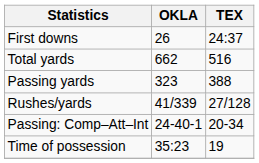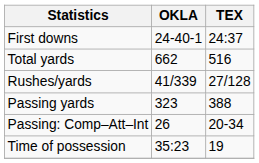 <table class="wikitable" style="float: left;">
 <tr>
 <th>Statistics</th>
 <th>OKLA</th>
 <th>TEX</th>
 </tr>
 <tr>
 <td>First downs</td>
-<td>26</td>
+<td>24-40-1</td>
 <td>24:37</td>
 </tr>
 <tr>
 <td>Total yards</td>
 <td>662</td>
 <td>516</td>
 </tr>
 <tr>
+<td>Rushes/yards</td>
+<td>41/339</td>
+<td>27/128</td>
+</tr>
+<tr>
 <td>Passing yards</td>
 <td>323</td>
 <td>388</td>
 </tr>
 <tr>
-<td>Rushes/yards</td>
-<td>41/339</td>
-<td>27/128</td>
-</tr>
-<tr>
 <td>Passing: Comp–Att–Int</td>
-<td>24-40-1</td>
+<td>26</td>
 <td>20-34</td>
 </tr>
 <tr>
 <td>Time of possession</td>
 <td>35:23</td>
 <td>19</td>
 </tr>
 <tr>
 </tr>
 </table>
